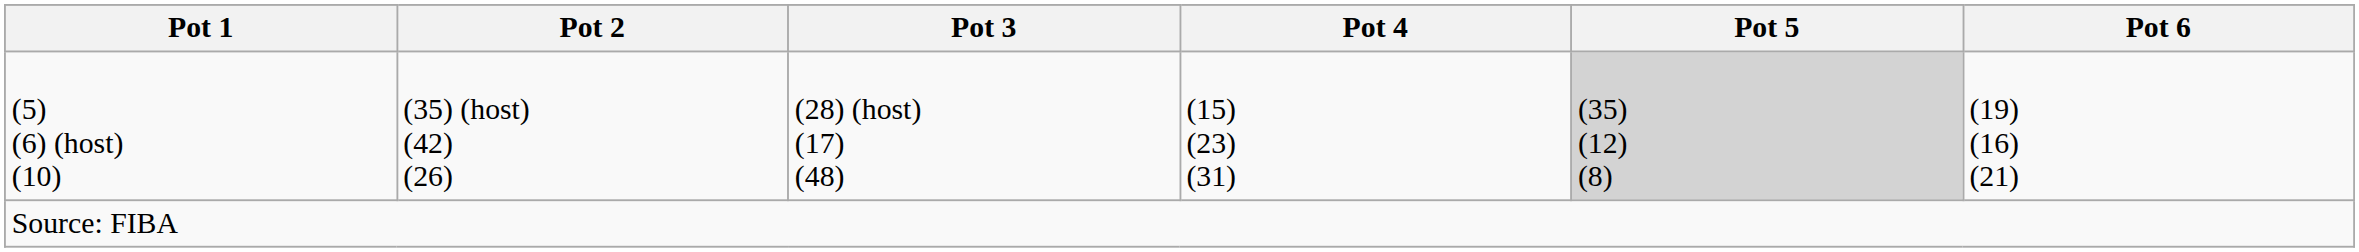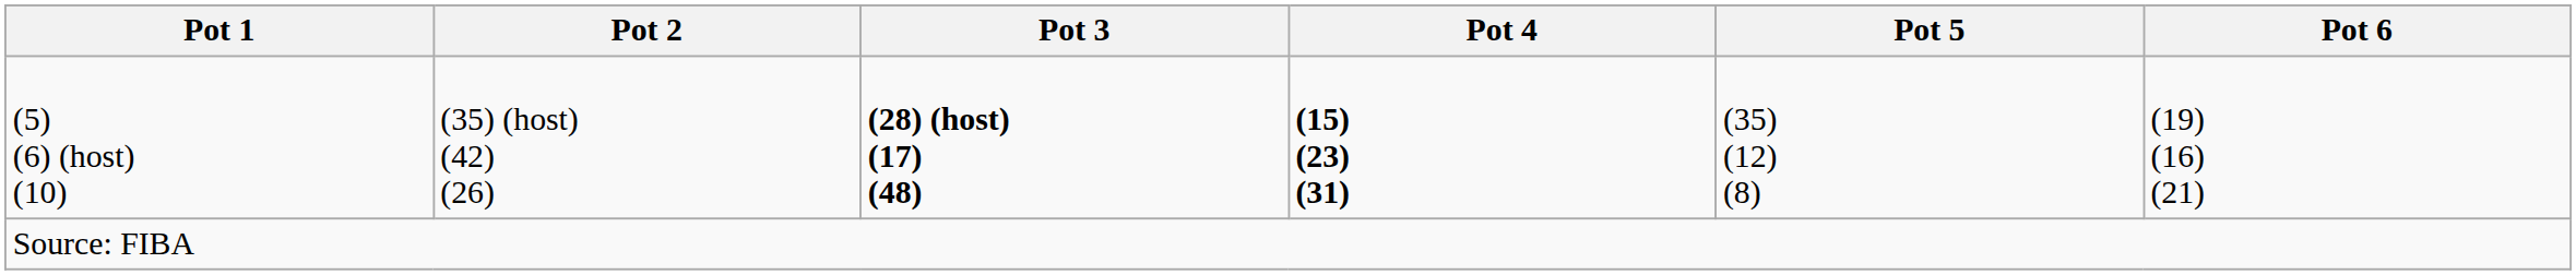 <table class=wikitable width=100%>
 <tr>
 <th width=16%>Pot 1</th>
 <th width=16%>Pot 2</th>
 <th width=16%>Pot 3</th>
 <th width=16%>Pot 4</th>
 <th width=16%>Pot 5</th>
 <th width=16%>Pot 6</th>
 </tr>
 <tr>
 <td><br> (5)<br> (6) (host)<br> (10)</td>
 <td><br> (35) (host)<br> (42)<br> (26)</td>
-<td><br> (28) (host)<br> (17)<br> (48)</td>
-<td><br> (15)<br> (23)<br> (31)</td>
-<td style="background: lightgrey;"><br> (35)<br> (12)<br> (8)</td>
+<td><strong><br> (28) (host)<br> (17)<br> (48)</strong></td>
+<td><strong><br> (15)<br> (23)<br> (31)</strong></td>
+<td><br> (35)<br> (12)<br> (8)</td>
 <td><br> (19)<br> (16)<br> (21)</td>
 </tr>
 <tr>
 <td colspan=6>Source: FIBA </td>
 </tr>
 </table>
